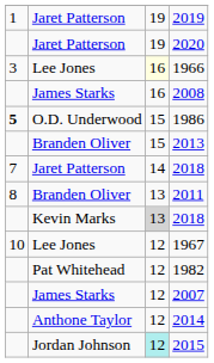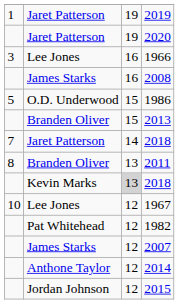 <table class="wikitable">
 <tr>
 </tr>
 <tr>
 <td>1</td>
 <td><a href='#'>Jaret Patterson</a></td>
 <td>19</td>
 <td><a href='#'>2019</a></td>
 </tr>
 <tr>
 <td></td>
 <td><a href='#'>Jaret Patterson</a></td>
 <td>19</td>
 <td><a href='#'>2020</a></td>
 </tr>
 <tr>
 <td>3</td>
 <td>Lee Jones</td>
-<td style="background: lightyellow;">16</td>
+<td>16</td>
 <td>1966</td>
 </tr>
 <tr>
 <td></td>
 <td><a href='#'>James Starks</a></td>
 <td>16</td>
 <td><a href='#'>2008</a></td>
 </tr>
 <tr>
-<td><strong>5</strong></td>
+<td>5</td>
 <td>O.D. Underwood</td>
 <td>15</td>
 <td>1986</td>
 </tr>
 <tr>
 <td></td>
 <td><a href='#'>Branden Oliver</a></td>
 <td>15</td>
 <td><a href='#'>2013</a></td>
 </tr>
 <tr>
 <td>7</td>
 <td><a href='#'>Jaret Patterson</a></td>
 <td>14</td>
 <td><a href='#'>2018</a></td>
 </tr>
 <tr>
 <td>8</td>
 <td><a href='#'>Branden Oliver</a></td>
 <td>13</td>
 <td><a href='#'>2011</a></td>
 </tr>
 <tr>
 <td></td>
 <td>Kevin Marks</td>
 <td style="background: lightgrey;">13</td>
 <td><a href='#'>2018</a></td>
 </tr>
 <tr>
 <td>10</td>
 <td>Lee Jones</td>
 <td>12</td>
 <td>1967</td>
 </tr>
 <tr>
 <td></td>
 <td>Pat Whitehead</td>
 <td>12</td>
 <td>1982</td>
 </tr>
 <tr>
 <td></td>
 <td><a href='#'>James Starks</a></td>
 <td>12</td>
 <td><a href='#'>2007</a></td>
 </tr>
 <tr>
 <td></td>
 <td><a href='#'>Anthone Taylor</a></td>
 <td>12</td>
 <td><a href='#'>2014</a></td>
 </tr>
 <tr>
 <td></td>
 <td>Jordan Johnson</td>
-<td style="background: paleturquoise;">12</td>
+<td>12</td>
 <td><a href='#'>2015</a></td>
 </tr>
 </table>
